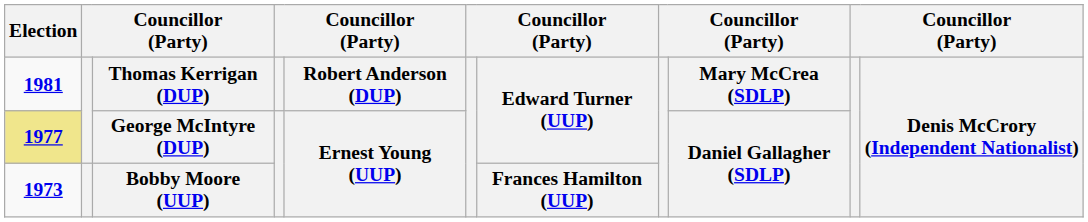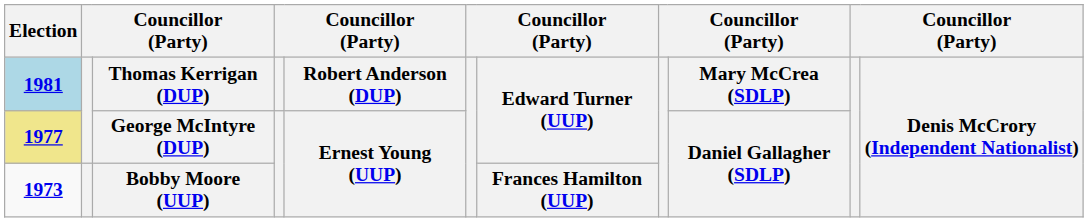 <table class="wikitable" style="text-align:center">
 <tr>
 <th scope="col" width="50">Election</th>
 <th scope="col" width="150" colspan = "2">Councillor<br> (Party)</th>
 <th scope="col" width="150" colspan = "2">Councillor<br> (Party)</th>
 <th scope="col" width="150" colspan = "2">Councillor<br> (Party)</th>
 <th scope="col" width="150" colspan = "2">Councillor<br> (Party)</th>
 <th scope="col" width="150" colspan = "2">Councillor<br> (Party)</th>
 </tr>
 <tr>
-<td><strong><a href='#'>1981</a></strong></td>
+<td style="background: lightblue;"><strong><a href='#'>1981</a></strong></td>
 <th rowspan="2" width="1" style="background-color: "></th>
 <th rowspan = "1">Thomas Kerrigan <br> (<a href='#'>DUP</a>)</th>
 <th rowspan="1" width="1" style="background-color: "></th>
 <th rowspan = "1">Robert Anderson <br> (<a href='#'>DUP</a>)</th>
 <th rowspan="3" width="1" style="background-color: "></th>
 <th rowspan = "2">Edward Turner <br> (<a href='#'>UUP</a>)</th>
 <th rowspan="3" width="1" style="background-color: "></th>
 <th rowspan = "1">Mary McCrea <br> (<a href='#'>SDLP</a>)</th>
 <th rowspan="3" width="1" style="background-color: "></th>
 <th rowspan = "3">Denis McCrory <br> (<a href='#'>Independent Nationalist</a>)</th>
 </tr>
 <tr>
 <td style="background: khaki;"><strong><a href='#'>1977</a></strong></td>
 <th rowspan = "1">George McIntyre <br> (<a href='#'>DUP</a>)</th>
 <th rowspan="2" width="1" style="background-color: "></th>
 <th rowspan = "2">Ernest Young <br> (<a href='#'>UUP</a>)</th>
 <th rowspan = "2">Daniel Gallagher <br> (<a href='#'>SDLP</a>)</th>
 </tr>
 <tr>
 <td><strong><a href='#'>1973</a></strong></td>
 <th rowspan="1" width="1" style="background-color: "></th>
 <th rowspan = "1">Bobby Moore <br> (<a href='#'>UUP</a>)</th>
 <th rowspan = "1">Frances Hamilton <br> (<a href='#'>UUP</a>)</th>
 </tr>
 </table>
